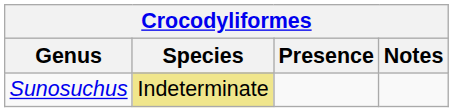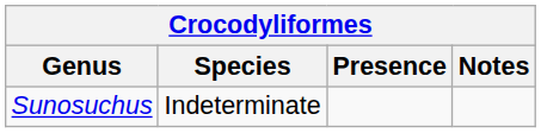 <table class="wikitable" align="center">
 <tr>
 <th colspan="5" align="center"><a href='#'>Crocodyliformes</a></th>
 </tr>
 <tr>
 <th>Genus</th>
 <th>Species</th>
 <th>Presence</th>
 <th>Notes</th>
 </tr>
 <tr>
 <td><em><a href='#'>Sunosuchus</a></em></td>
-<td style="background: khaki;">Indeterminate</td>
+<td>Indeterminate</td>
 <td></td>
 <td></td>
 </tr>
 </table>
